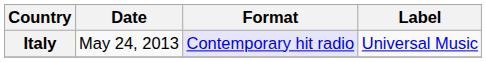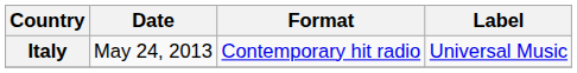 <table class="wikitable plainrowheaders">
 <tr>
 <th scope="col">Country</th>
 <th scope="col">Date</th>
 <th scope="col">Format</th>
 <th scope="col">Label</th>
 </tr>
 <tr>
 <th scope="row">Italy</th>
 <td>May 24, 2013</td>
-<td style="background: lavender;"><a href='#'>Contemporary hit radio</a></td>
+<td><a href='#'>Contemporary hit radio</a></td>
 <td><a href='#'>Universal Music</a></td>
 </tr>
 <tr>
 </tr>
 </table>
